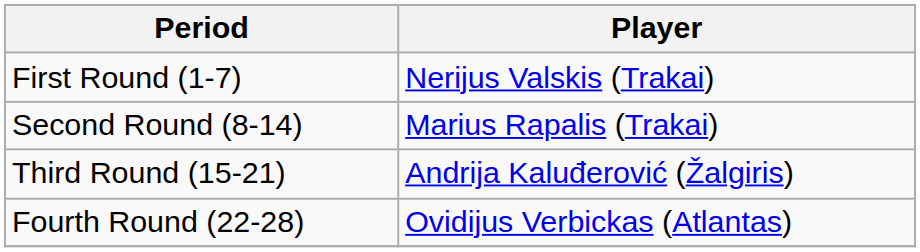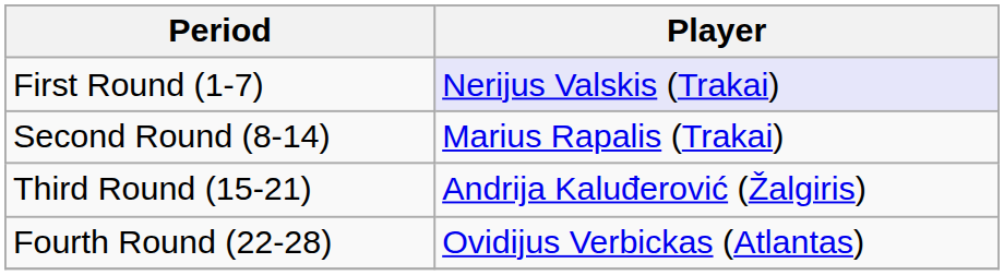 <table class="wikitable" style="width: 30em;">
 <tr style="text-align:center;">
 <th>Period</th>
 <th>Player</th>
 </tr>
 <tr>
 <td>First Round (1-7)</td>
-<td><a href='#'>Nerijus Valskis</a> (<a href='#'>Trakai</a>)</td>
+<td style="background: lavender;"><a href='#'>Nerijus Valskis</a> (<a href='#'>Trakai</a>)</td>
 </tr>
 <tr>
 <td>Second Round (8-14)</td>
 <td><a href='#'>Marius Rapalis</a> (<a href='#'>Trakai</a>)</td>
 </tr>
 <tr>
 <td>Third Round (15-21)</td>
 <td><a href='#'>Andrija Kaluđerović</a> (<a href='#'>Žalgiris</a>)</td>
 </tr>
 <tr>
 <td>Fourth Round (22-28)</td>
 <td><a href='#'>Ovidijus Verbickas</a> (<a href='#'>Atlantas</a>)</td>
 </tr>
 <tr>
 </tr>
 </table>
